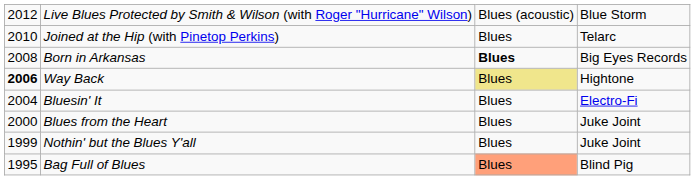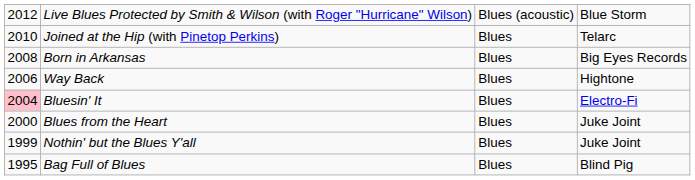 <table class="wikitable">
 <tr>
 <td>2012</td>
 <td><em>Live Blues Protected by Smith & Wilson</em> (with <a href='#'>Roger "Hurricane" Wilson</a>)</td>
 <td>Blues (acoustic)</td>
 <td>Blue Storm</td>
 </tr>
 <tr>
 <td>2010</td>
 <td><em>Joined at the Hip</em> (with <a href='#'>Pinetop Perkins</a>)</td>
 <td>Blues</td>
 <td>Telarc</td>
 </tr>
 <tr>
 <td>2008</td>
 <td><em>Born in Arkansas</em></td>
-<td><strong>Blues</strong></td>
+<td>Blues</td>
 <td>Big Eyes Records</td>
 </tr>
 <tr>
-<td><strong>2006</strong></td>
+<td>2006</td>
 <td><em>Way Back</em></td>
-<td style="background: khaki;">Blues</td>
+<td>Blues</td>
 <td>Hightone</td>
 </tr>
 <tr>
-<td>2004</td>
+<td style="background: pink;">2004</td>
 <td><em>Bluesin' It</em></td>
 <td>Blues</td>
 <td><a href='#'>Electro-Fi</a></td>
 </tr>
 <tr>
 <td>2000</td>
 <td><em>Blues from the Heart</em></td>
 <td>Blues</td>
 <td>Juke Joint</td>
 </tr>
 <tr>
 <td>1999</td>
 <td><em>Nothin' but the Blues Y'all</em></td>
 <td>Blues</td>
 <td>Juke Joint</td>
 </tr>
 <tr>
 <td>1995</td>
 <td><em>Bag Full of Blues</em></td>
-<td style="background: lightsalmon;">Blues</td>
+<td>Blues</td>
 <td>Blind Pig</td>
 </tr>
 </table>
